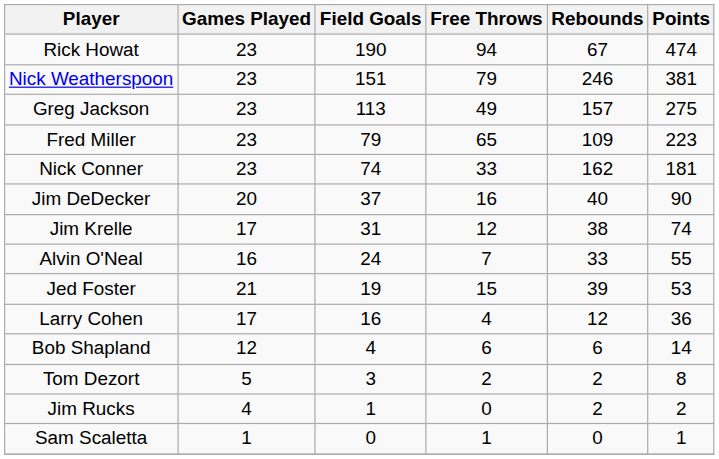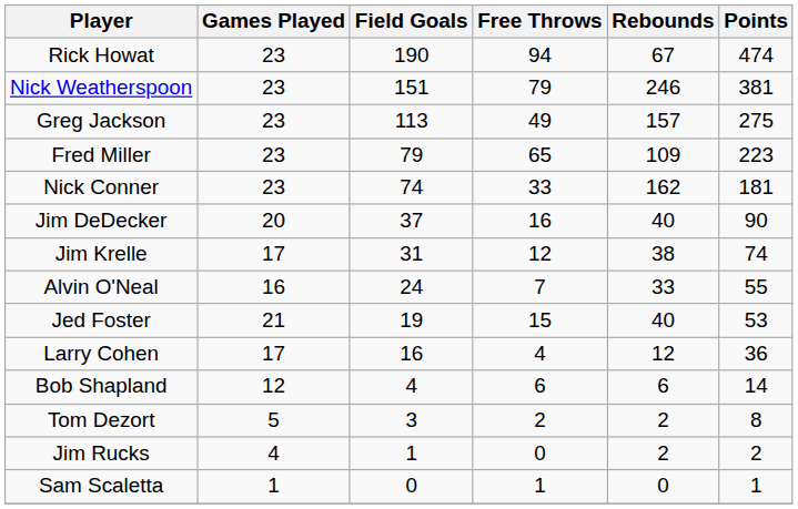 <table class="wikitable sortable">
 <tr>
 <th>Player</th>
 <th>Games Played</th>
 <th>Field Goals</th>
 <th>Free Throws</th>
 <th>Rebounds</th>
 <th>Points</th>
 </tr>
 <tr align="center" bgcolor="">
 <td>Rick Howat</td>
 <td>23</td>
 <td>190</td>
 <td>94</td>
 <td>67</td>
 <td>474</td>
 </tr>
 <tr align="center" bgcolor="">
 <td><a href='#'>Nick Weatherspoon</a></td>
 <td>23</td>
 <td>151</td>
 <td>79</td>
 <td>246</td>
 <td>381</td>
 </tr>
 <tr align="center" bgcolor="">
 <td>Greg Jackson</td>
 <td>23</td>
 <td>113</td>
 <td>49</td>
 <td>157</td>
 <td>275</td>
 </tr>
 <tr align="center" bgcolor="">
 <td>Fred Miller</td>
 <td>23</td>
 <td>79</td>
 <td>65</td>
 <td>109</td>
 <td>223</td>
 </tr>
 <tr align="center" bgcolor="">
 <td>Nick Conner</td>
 <td>23</td>
 <td>74</td>
 <td>33</td>
 <td>162</td>
 <td>181</td>
 </tr>
 <tr align="center" bgcolor="">
 <td>Jim DeDecker</td>
 <td>20</td>
 <td>37</td>
 <td>16</td>
 <td>40</td>
 <td>90</td>
 </tr>
 <tr align="center" bgcolor="">
 <td>Jim Krelle</td>
 <td>17</td>
 <td>31</td>
 <td>12</td>
 <td>38</td>
 <td>74</td>
 </tr>
 <tr align="center" bgcolor="">
 <td>Alvin O'Neal</td>
 <td>16</td>
 <td>24</td>
 <td>7</td>
 <td>33</td>
 <td>55</td>
 </tr>
 <tr align="center">
 <td>Jed Foster</td>
 <td>21</td>
 <td>19</td>
 <td>15</td>
-<td>39</td>
+<td>40</td>
 <td>53</td>
 </tr>
 <tr align="center" bgcolor="">
 <td>Larry Cohen</td>
 <td>17</td>
 <td>16</td>
 <td>4</td>
 <td>12</td>
 <td>36</td>
 </tr>
 <tr align="center">
 <td>Bob Shapland</td>
 <td>12</td>
 <td>4</td>
 <td>6</td>
 <td>6</td>
 <td>14</td>
 </tr>
 <tr align="center">
 <td>Tom Dezort</td>
 <td>5</td>
 <td>3</td>
 <td>2</td>
 <td>2</td>
 <td>8</td>
 </tr>
 <tr align="center">
 <td>Jim Rucks</td>
 <td>4</td>
 <td>1</td>
 <td>0</td>
 <td>2</td>
 <td>2</td>
 </tr>
 <tr align="center">
 <td>Sam Scaletta</td>
 <td>1</td>
 <td>0</td>
 <td>1</td>
 <td>0</td>
 <td>1</td>
 </tr>
 <tr align="center">
 </tr>
 </table>
